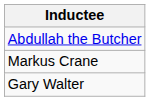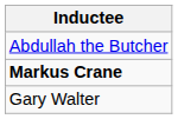 <table class="wikitable">
 <tr>
 <th>Inductee</th>
 </tr>
 <tr>
 <td><a href='#'>Abdullah the Butcher</a></td>
 </tr>
 <tr>
-<td>Markus Crane</td>
+<td><strong>Markus Crane</strong></td>
 </tr>
 <tr>
 <td>Gary Walter</td>
 </tr>
 </table>
